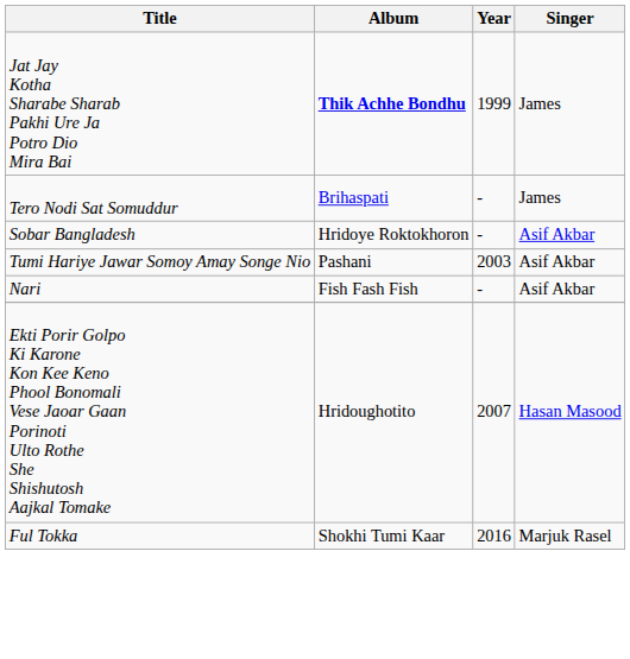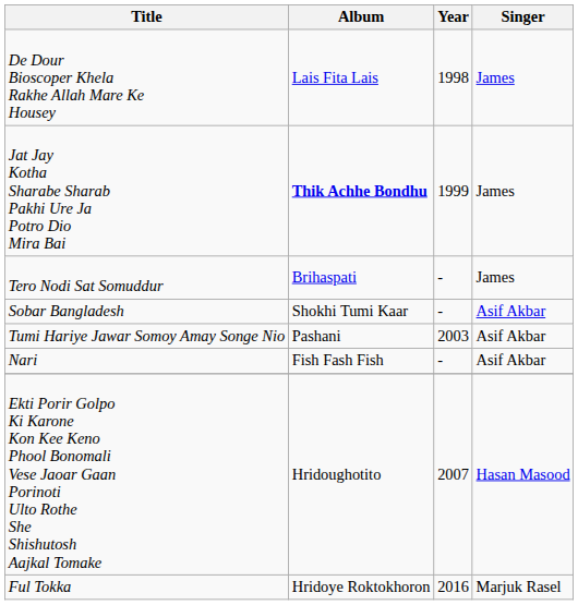 <table class="wikitable sortable">
 <tr>
 <th>Title</th>
 <th>Album</th>
 <th>Year</th>
 <th>Singer</th>
+</tr>
+<tr>
+<td><br><em>De Dour</em> <br> <em>Bioscoper Khela</em><br> <em>Rakhe Allah Mare Ke</em> <br> <em>Housey</em> <br></td>
+<td><a href='#'>Lais Fita Lais</a></td>
+<td>1998</td>
+<td><a href='#'>James</a></td>
 </tr>
 <tr>
 <td><br><em>Jat Jay</em> <br> <em>Kotha</em> <br> <em>Sharabe Sharab</em> <br> <em>Pakhi Ure Ja</em> <br> <em>Potro Dio</em> <br> <em>Mira Bai</em> <br></td>
 <td><strong><a href='#'>Thik Achhe Bondhu</a></strong></td>
 <td>1999</td>
 <td>James</td>
 </tr>
 <tr>
 <td><br><em>Tero Nodi Sat Somuddur</em></td>
 <td><a href='#'>Brihaspati</a></td>
 <td>-</td>
 <td>James</td>
 </tr>
 <tr Dedicated to Monowar hossain razwan (faidabad, dakshinkhan)>
 <td><em>Sobar Bangladesh</em></td>
-<td>Hridoye Roktokhoron</td>
+<td>Shokhi Tumi Kaar</td>
 <td>-</td>
 <td><a href='#'>Asif Akbar</a></td>
 </tr>
 <tr>
 <td><em>Tumi Hariye Jawar Somoy Amay Songe Nio</em></td>
 <td>Pashani</td>
 <td>2003</td>
 <td>Asif Akbar</td>
 </tr>
 <tr>
 <td><em>Nari</em></td>
 <td>Fish Fash Fish</td>
 <td>-</td>
 <td>Asif Akbar</td>
 </tr>
 <tr>
 </tr>
 <tr>
 <td><br><em>Ekti Porir Golpo</em><br> <em>Ki Karone</em><br> <em>Kon Kee Keno</em><br> <em>Phool Bonomali</em><br> <em>Vese Jaoar Gaan</em><br> <em>Porinoti</em><br> <em>Ulto Rothe</em><br> <em>She</em><br> <em>Shishutosh</em><br> <em>Aajkal Tomake</em><br></td>
 <td>Hridoughotito</td>
 <td>2007</td>
 <td><a href='#'>Hasan Masood</a></td>
 </tr>
 <tr>
 <td><em>Ful Tokka</em></td>
-<td>Shokhi Tumi Kaar</td>
+<td>Hridoye Roktokhoron</td>
 <td>2016</td>
 <td>Marjuk Rasel</td>
 </tr>
 </table>
